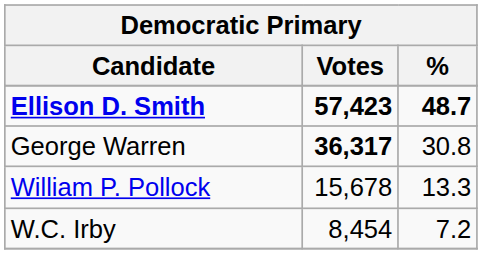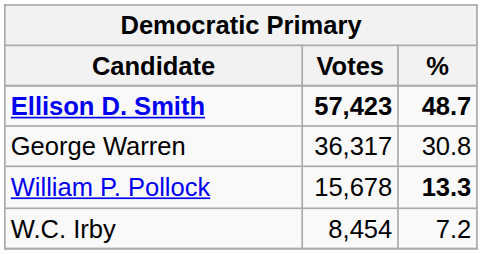 <table class="wikitable" align="left" style="margin: 1em 1em 1em 0; font-size: 95%;">
 <tr>
 <th colspan="3">Democratic Primary</th>
 </tr>
 <tr>
 <th colspan="1" style="width: 170px">Candidate</th>
 <th style="width: 50px">Votes</th>
 <th style="width: 40px">%</th>
 </tr>
 <tr>
 </tr>
 <tr>
 <td><strong><a href='#'>Ellison D. Smith</a></strong></td>
 <td align="right"><strong>57,423</strong></td>
 <td align="right"><strong>48.7</strong></td>
 </tr>
 <tr>
 <td>George Warren</td>
-<td align="right"><strong>36,317</strong></td>
+<td align="right">36,317</td>
 <td align="right">30.8</td>
 </tr>
 <tr>
 <td><a href='#'>William P. Pollock</a></td>
 <td align="right">15,678</td>
-<td align="right">13.3</td>
+<td align="right"><strong>13.3</strong></td>
 </tr>
 <tr>
 <td>W.C. Irby</td>
 <td align="right">8,454</td>
 <td align="right">7.2</td>
 </tr>
 <tr>
 </tr>
 </table>
